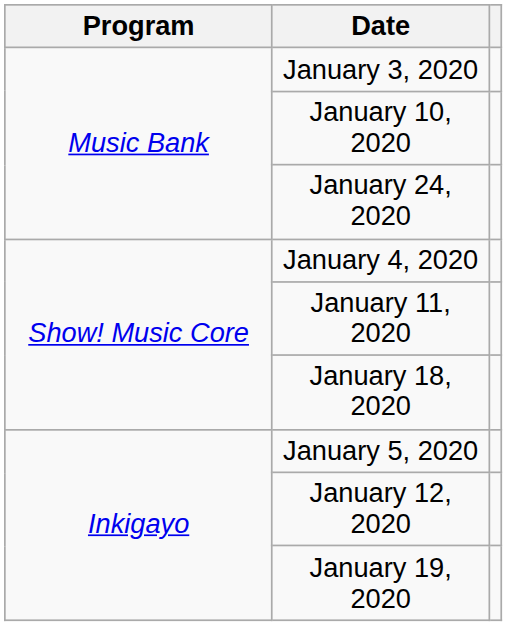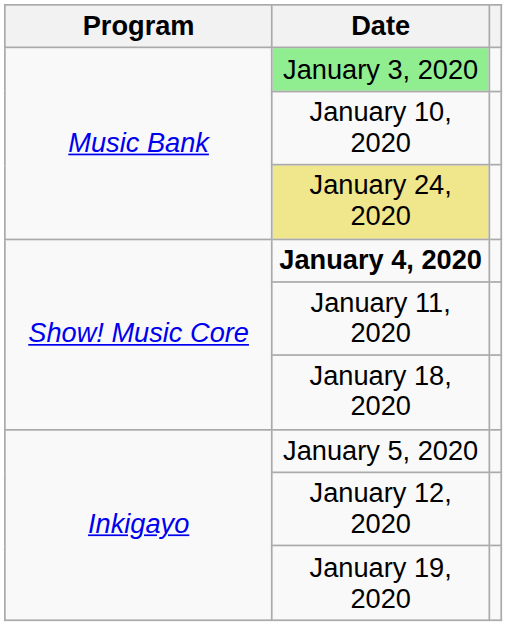 <table class="sortable wikitable" style="text-align:center;">
 <tr>
 <th width="150">Program</th>
 <th width="120">Date</th>
 <th class=unsortable></th>
 </tr>
 <tr>
 <td rowspan="3"><em><a href='#'>Music Bank</a></em></td>
-<td>January 3, 2020</td>
+<td style="background: lightgreen;">January 3, 2020</td>
 <td></td>
 </tr>
 <tr>
 <td>January 10, 2020</td>
 <td></td>
 </tr>
 <tr>
-<td>January 24, 2020</td>
+<td style="background: khaki;">January 24, 2020</td>
 <td></td>
 </tr>
 <tr>
 <td rowspan="3"><em><a href='#'>Show! Music Core</a></em></td>
-<td>January 4, 2020</td>
+<td><strong>January 4, 2020</strong></td>
 <td></td>
 </tr>
 <tr>
 <td>January 11, 2020</td>
 <td></td>
 </tr>
 <tr>
 <td>January 18, 2020</td>
 <td></td>
 </tr>
 <tr>
 <td rowspan="3"><em><a href='#'>Inkigayo</a></em></td>
 <td>January 5, 2020</td>
 <td></td>
 </tr>
 <tr>
 <td>January 12, 2020</td>
 <td></td>
 </tr>
 <tr>
 <td>January 19, 2020</td>
 <td></td>
 </tr>
 </table>
